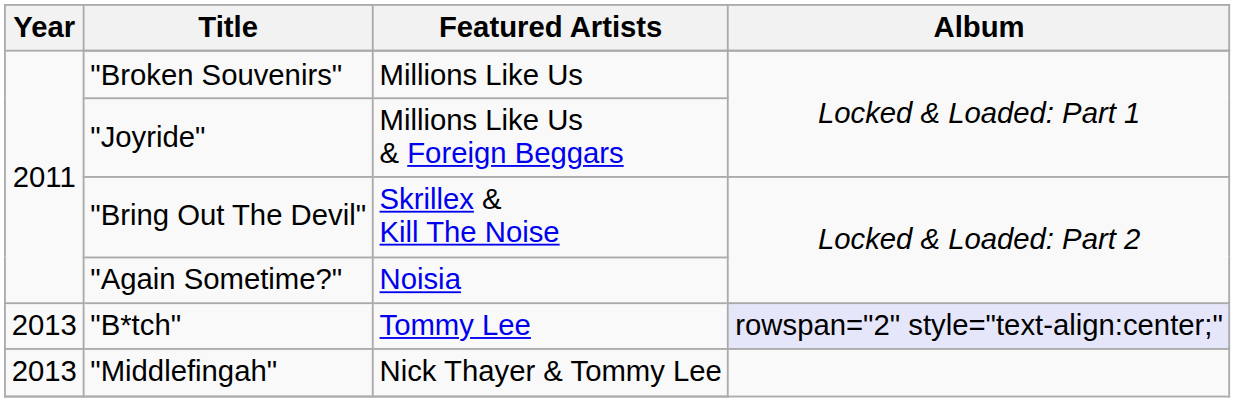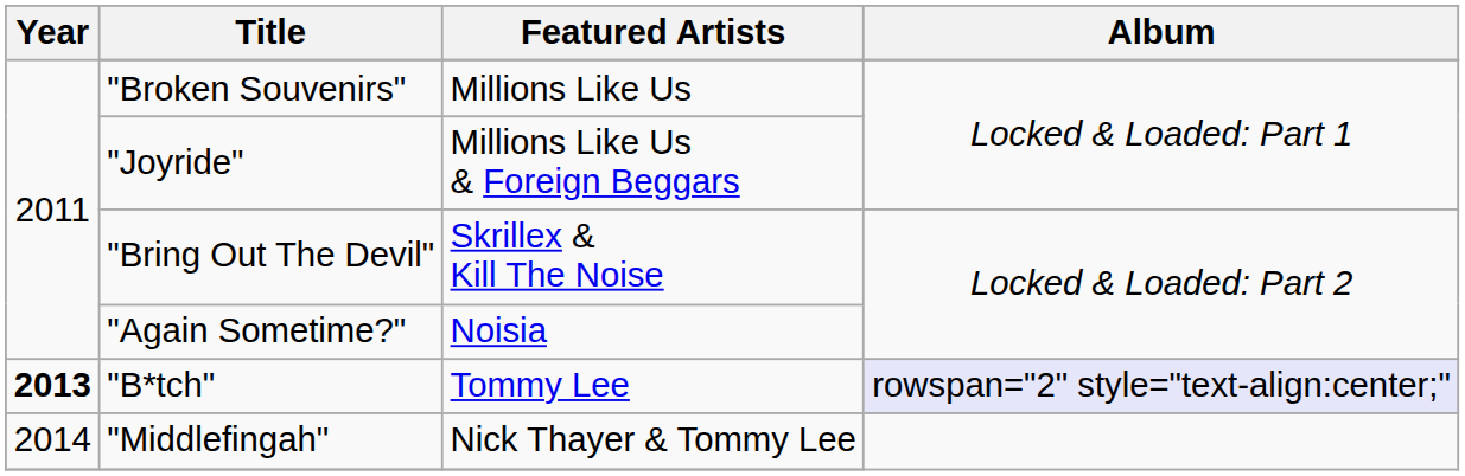 <table class="wikitable">
 <tr>
 <th>Year</th>
 <th>Title</th>
 <th>Featured Artists</th>
 <th>Album</th>
 </tr>
 <tr>
 <td rowspan="5" style="text-align:center;">2011</td>
 </tr>
 <tr>
 <td>"Broken Souvenirs"</td>
 <td>Millions Like Us</td>
 <td rowspan="2" style="text-align:center;"><em>Locked & Loaded: Part 1</em></td>
 </tr>
 <tr>
 <td>"Joyride"</td>
 <td>Millions Like Us <br>& <a href='#'>Foreign Beggars</a></td>
 </tr>
 <tr>
 <td>"Bring Out The Devil"</td>
 <td><a href='#'>Skrillex</a> & <br><a href='#'>Kill The Noise</a></td>
 <td rowspan="2" style="text-align:center;"><em>Locked & Loaded: Part 2</em></td>
 </tr>
 <tr>
 <td>"Again Sometime?"</td>
 <td><a href='#'>Noisia</a></td>
 </tr>
 <tr>
-<td rowspan="1" style="text-align:center;">2013</td>
+<td rowspan="1" style="text-align:center;"><strong>2013</strong></td>
 <td>"B*tch"</td>
 <td><a href='#'>Tommy Lee</a></td>
 <td style="background: lavender;">rowspan="2" style="text-align:center;" </td>
 </tr>
 <tr>
-<td rowspan="1" style="text-align:center;">2013</td>
+<td rowspan="1" style="text-align:center;">2014</td>
 <td>"Middlefingah"</td>
 <td>Nick Thayer & Tommy Lee</td>
 </tr>
 <tr>
 </tr>
 </table>
